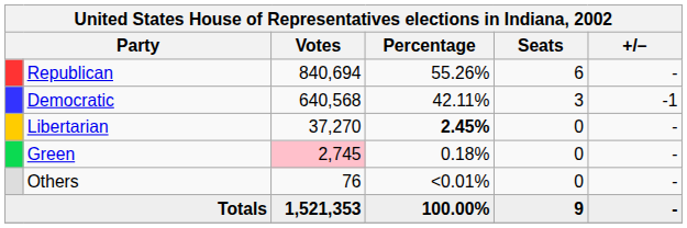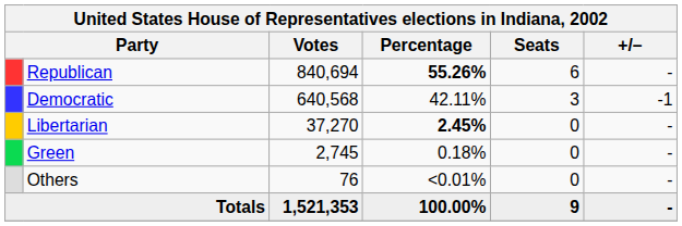 <table class="wikitable" style="font-size: 95%;">
 <tr>
 <th colspan="6">United States House of Representatives elections in Indiana, 2002</th>
 </tr>
 <tr>
 <th colspan=2 style="width: 15em">Party</th>
 <th style="width: 5em">Votes</th>
 <th style="width: 7em">Percentage</th>
 <th style="width: 5em">Seats</th>
 <th style="width: 5em">+/–</th>
 </tr>
 <tr>
 <th style="background-color:#FF3333; width: 3px"></th>
 <td style="width: 130px"><a href='#'>Republican</a></td>
 <td align="right">840,694</td>
-<td align="right">55.26%</td>
+<td align="right"><strong>55.26%</strong></td>
 <td align="right">6</td>
 <td align="right">-</td>
 </tr>
 <tr>
 <th style="background-color:#3333FF; width: 3px"></th>
 <td style="width: 130px"><a href='#'>Democratic</a></td>
 <td align="right">640,568</td>
 <td align="right">42.11%</td>
 <td align="right">3</td>
 <td align="right">-1</td>
 </tr>
 <tr>
 <th style="background-color:#FFCC00; width: 3px"></th>
 <td style="width: 130px"><a href='#'>Libertarian</a></td>
 <td align="right">37,270</td>
 <td align="right"><strong>2.45%</strong></td>
 <td align="right">0</td>
 <td align="right">-</td>
 </tr>
 <tr>
 <th style="background-color:#0BDA51; width: 3px"></th>
 <td style="width: 130px"><a href='#'>Green</a></td>
-<td align="right" style="background: pink;">2,745</td>
+<td align="right">2,745</td>
 <td align="right">0.18%</td>
 <td align="right">0</td>
 <td align="right">-</td>
 </tr>
 <tr>
 <th style="background-color:#DDDDDD; width: 3px"></th>
 <td style="width: 130px">Others</td>
 <td align="right">76</td>
 <td align="right"><0.01%</td>
 <td align="right">0</td>
 <td align="right">-</td>
 </tr>
 <tr bgcolor="#EEEEEE">
 <td colspan="2" align="right"><strong>Totals</strong></td>
 <td align="right"><strong>1,521,353</strong></td>
 <td align="right"><strong>100.00%</strong></td>
 <td align="right"><strong>9</strong></td>
 <td align="right"><strong>-</strong></td>
 </tr>
 <tr bgcolor="#EEEEEE">
 </tr>
 </table>
